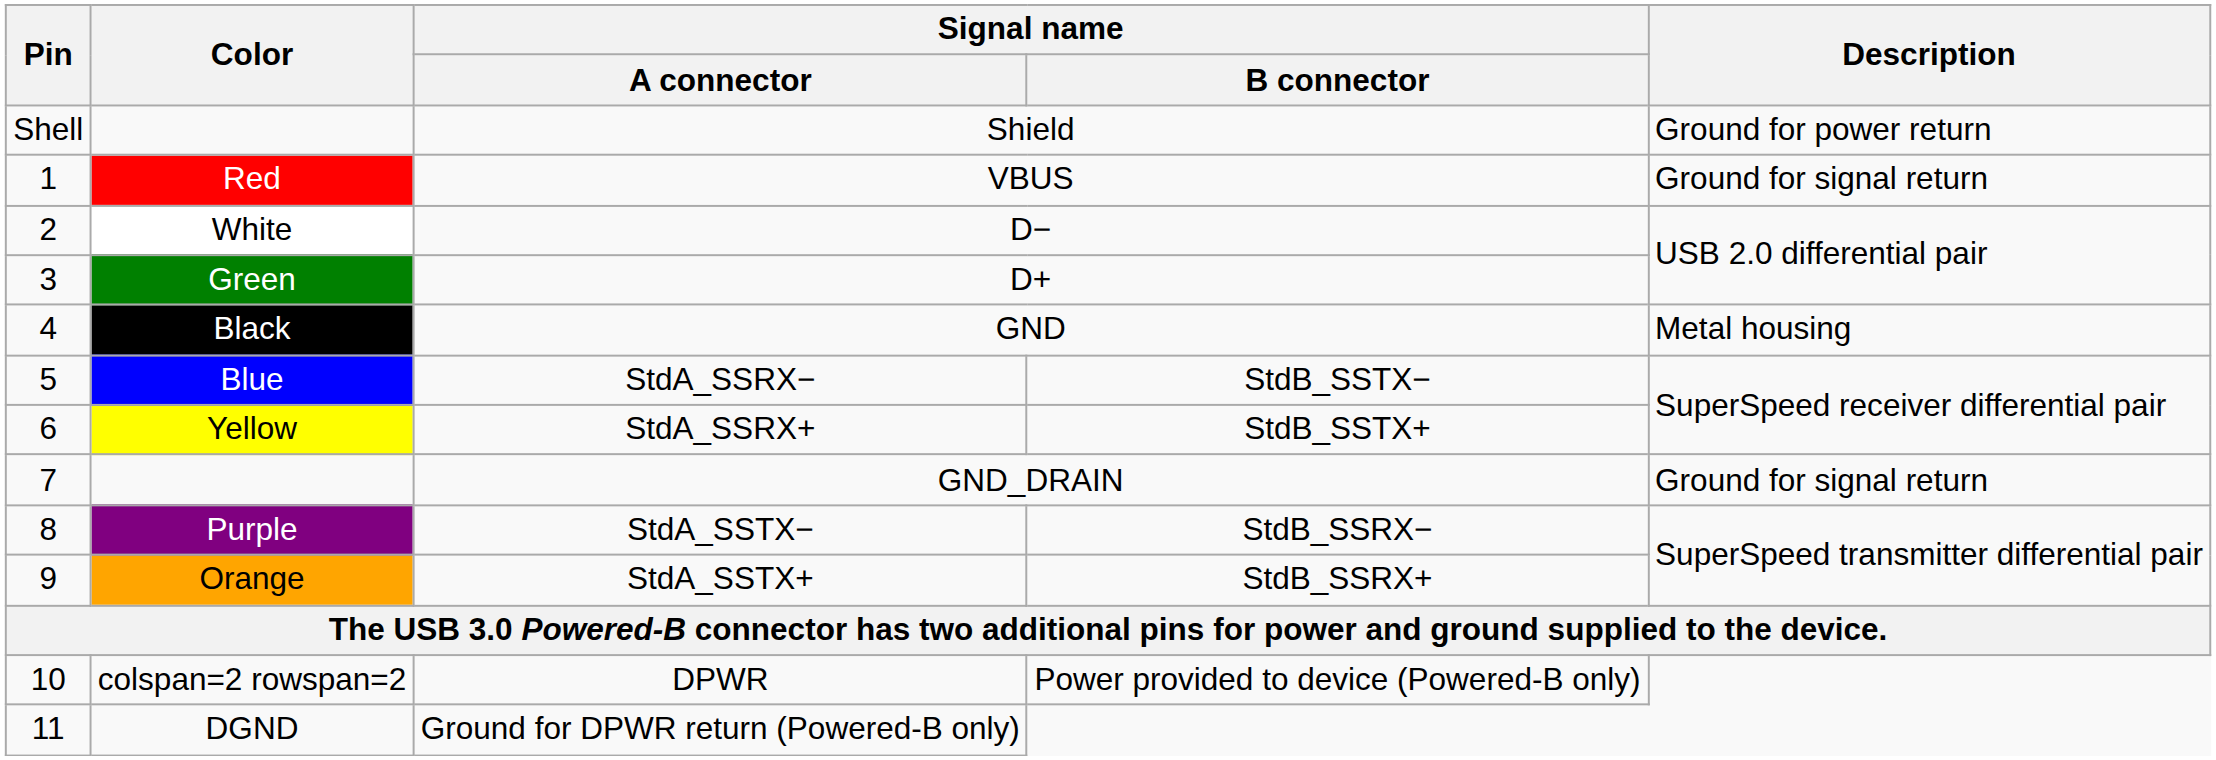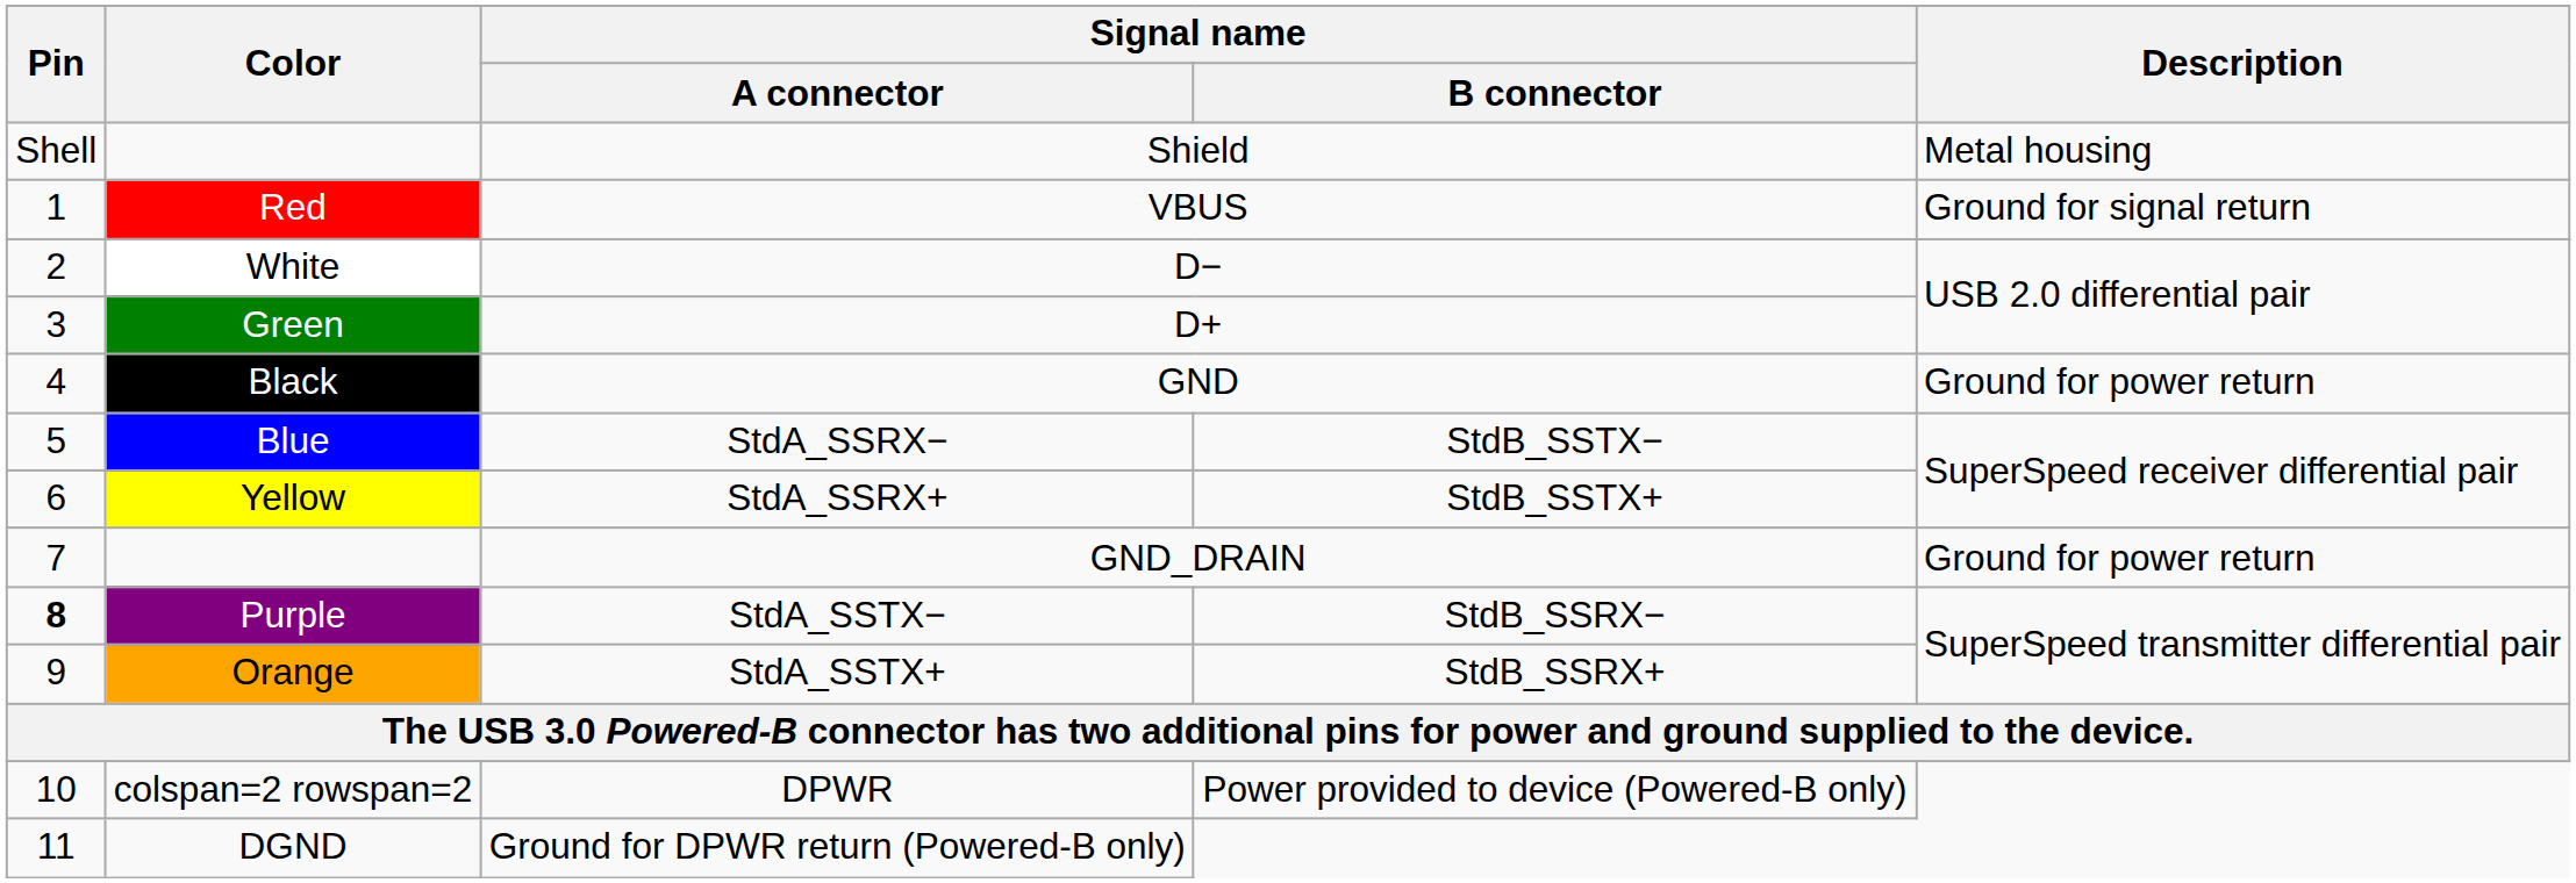 <table class="wikitable" style="text-align: center; border: none; margin: 1em auto 1em auto;">
 <tr>
 <th rowspan=2>Pin</th>
 <th rowspan=2>Color</th>
 <th colspan=2>Signal name</th>
 <th rowspan=2>Description</th>
 </tr>
 <tr>
 <th>A connector</th>
 <th>B connector</th>
 </tr>
 <tr>
 <td>Shell</td>
 <td></td>
 <td colspan=2>Shield</td>
-<td style="text-align: left;">Ground for power return</td>
+<td style="text-align: left;">Metal housing</td>
 </tr>
 <tr>
 <td>1</td>
 <td style="background: red; color: white;">Red</td>
 <td colspan=2>VBUS</td>
 <td style="text-align: left;">Ground for signal return</td>
 </tr>
 <tr>
 <td>2</td>
 <td style="background: white;">White</td>
 <td colspan=2>D−</td>
 <td rowspan=2 style="text-align: left;">USB 2.0 differential pair</td>
 </tr>
 <tr>
 <td>3</td>
 <td style="background: green; color: white;">Green</td>
 <td colspan=2>D+</td>
 </tr>
 <tr>
 <td>4</td>
 <td style="background: black; color: white;">Black</td>
 <td colspan=2>GND</td>
-<td style="text-align: left;">Metal housing</td>
+<td style="text-align: left;">Ground for power return</td>
 </tr>
 <tr>
 <td>5</td>
 <td style="background: blue; color: white;">Blue</td>
 <td>StdA_SSRX−</td>
 <td>StdB_SSTX−</td>
 <td rowspan=2 style="text-align: left;">SuperSpeed receiver differential pair</td>
 </tr>
 <tr>
 <td>6</td>
 <td style="background: yellow;">Yellow</td>
 <td>StdA_SSRX+</td>
 <td>StdB_SSTX+</td>
 </tr>
 <tr>
 <td>7</td>
 <td></td>
 <td colspan=2>GND_DRAIN</td>
-<td style="text-align: left;">Ground for signal return</td>
+<td style="text-align: left;">Ground for power return</td>
 </tr>
 <tr>
-<td>8</td>
+<td><strong>8</strong></td>
 <td style="background: purple; color: white;">Purple</td>
 <td>StdA_SSTX−</td>
 <td>StdB_SSRX−</td>
 <td rowspan=2 style="text-align: left;">SuperSpeed transmitter differential pair</td>
 </tr>
 <tr>
 <td>9</td>
 <td style="background: orange;">Orange</td>
 <td>StdA_SSTX+</td>
 <td>StdB_SSRX+</td>
 </tr>
 <tr>
 <th colspan="5">The USB 3.0 <em>Powered-B</em> connector has two additional pins for power and ground supplied to the device.</th>
 </tr>
 <tr>
 <td>10</td>
 <td>colspan=2 rowspan=2 </td>
 <td>DPWR</td>
 <td style="text-align: left;">Power provided to device (Powered-B only)</td>
 </tr>
 <tr>
 <td>11</td>
 <td>DGND</td>
 <td style="text-align: left;">Ground for DPWR return (Powered-B only)</td>
 </tr>
 </table>
